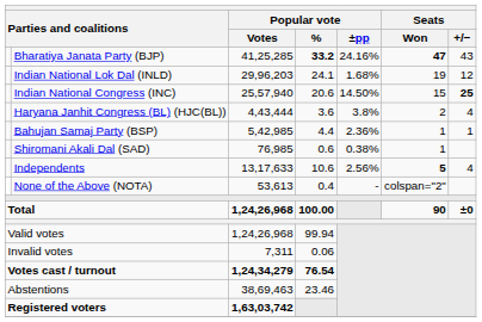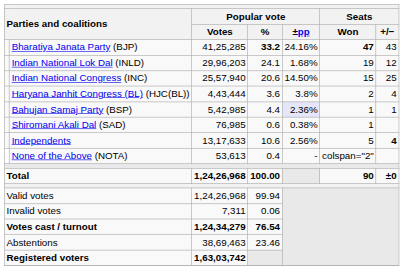 <table class="wikitable sortable" style="text-align:right">
 <tr>
 <th colspan=10></th>
 </tr>
 <tr style="background:#e9e9e9; text-align:center;">
 <th rowspan="2" colspan="2" style="text-align:left;">Parties and coalitions</th>
 <th colspan="3">Popular vote</th>
 <th colspan="2">Seats</th>
 </tr>
 <tr style="background:#e9e9e9; text-align:center;">
 <th style="width:70px;">Votes</th>
 <th style="width:45px;">%</th>
 <th style="width:45px;">±<a href='#'>pp</a></th>
 <th style="width:30px;">Won</th>
 <th style="width:30px;">+/−</th>
 </tr>
 <tr>
 <td width="1"></td>
 <td style="text-align:left;"><a href='#'>Bharatiya Janata Party</a> (BJP)</td>
 <td>41,25,285</td>
 <td><strong>33.2</strong></td>
 <td>24.16%</td>
 <td><strong>47</strong></td>
 <td>43</td>
 </tr>
 <tr>
 <td></td>
 <td style="text-align:left;"><a href='#'>Indian National Lok Dal</a> (INLD)</td>
 <td>29,96,203</td>
 <td>24.1</td>
 <td>1.68%</td>
 <td>19</td>
 <td>12</td>
 </tr>
 <tr>
 <td></td>
 <td style="text-align:left;"><a href='#'>Indian National Congress</a> (INC)</td>
 <td>25,57,940</td>
 <td>20.6</td>
 <td>14.50%</td>
 <td>15</td>
-<td><strong>25</strong></td>
+<td>25</td>
 </tr>
 <tr>
 <td></td>
 <td style="text-align:left;"><a href='#'>Haryana Janhit Congress (BL)</a> (HJC(BL))</td>
 <td>4,43,444</td>
 <td>3.6</td>
 <td>3.8%</td>
 <td>2</td>
 <td>4</td>
 </tr>
 <tr>
 <td></td>
 <td style="text-align:left;"><a href='#'>Bahujan Samaj Party</a> (BSP)</td>
 <td>5,42,985</td>
 <td>4.4</td>
-<td>2.36%</td>
+<td style="background: lavender;">2.36%</td>
 <td>1</td>
 <td>1</td>
 </tr>
 <tr>
 <td></td>
 <td style="text-align:left;"><a href='#'>Shiromani Akali Dal</a> (SAD)</td>
 <td>76,985</td>
 <td>0.6</td>
 <td>0.38%</td>
 <td>1</td>
 <td></td>
 </tr>
 <tr>
 <td></td>
 <td style="text-align:left;"><a href='#'>Independents</a></td>
 <td>13,17,633</td>
 <td>10.6</td>
 <td>2.56%</td>
-<td><strong>5</strong></td>
-<td>4</td>
+<td>5</td>
+<td><strong>4</strong></td>
 </tr>
 <tr>
 <td style="background:white;"></td>
 <td style="text-align:left;"><a href='#'>None of the Above</a> (NOTA)</td>
 <td>53,613</td>
 <td>0.4</td>
 <td>-</td>
 <td>colspan="2" </td>
 </tr>
 <tr>
 <td colspan="7" style="background:#e9e9e9;"></td>
 </tr>
 <tr style="font-weight:bold;">
 <td style="text-align:left;" colspan="2">Total</td>
 <td>1,24,26,968</td>
 <td>100.00</td>
 <td style="background:#e9e9e9;"></td>
 <td>90</td>
 <td>±0</td>
 </tr>
 <tr>
 <th colspan="9"></th>
 </tr>
 <tr>
 <td style="text-align:left;" colspan="2">Valid votes</td>
 <td align="right">1,24,26,968</td>
 <td align="right">99.94</td>
 <td colspan="4" rowspan="5" style="background-color:#E9E9E9"></td>
 </tr>
 <tr>
 <td style="text-align:left;" colspan="2">Invalid votes</td>
 <td align="right">7,311</td>
 <td align="right">0.06</td>
 </tr>
 <tr>
 <td style="text-align:left;" colspan="2"><strong>Votes cast / turnout</strong></td>
 <td align="right"><strong>1,24,34,279</strong></td>
 <td align="right"><strong>76.54</strong></td>
 </tr>
 <tr>
 <td style="text-align:left;" colspan="2">Abstentions</td>
 <td align="right">38,69,463</td>
 <td align="right">23.46</td>
 </tr>
 <tr>
 <td style="text-align:left;" colspan="2"><strong>Registered voters</strong></td>
 <td align="right"><strong>1,63,03,742</strong></td>
 <td colspan="1" style="background-color:#E9E9E9"></td>
 </tr>
 <tr>
 </tr>
 </table>
